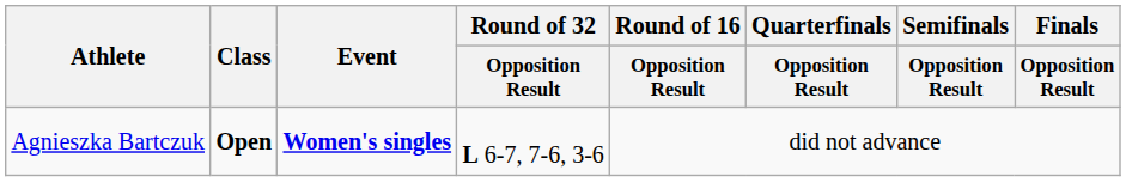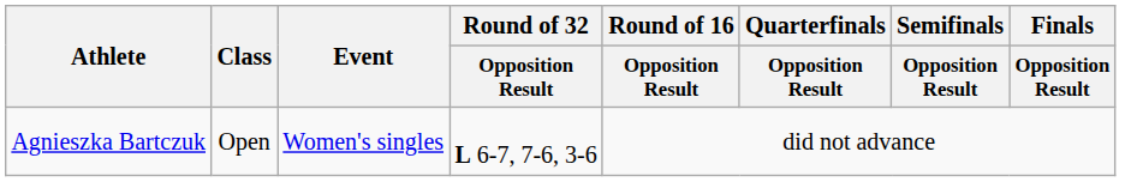 <table class=wikitable style="font-size:90%">
 <tr>
 <th rowspan="2">Athlete</th>
 <th rowspan="2">Class</th>
 <th rowspan="2">Event</th>
 <th>Round of 32</th>
 <th>Round of 16</th>
 <th>Quarterfinals</th>
 <th>Semifinals</th>
 <th>Finals</th>
 </tr>
 <tr>
 <th style="line-height:1em"><small>Opposition<br>Result</small></th>
 <th style="line-height:1em"><small>Opposition<br>Result</small></th>
 <th style="line-height:1em"><small>Opposition<br>Result</small></th>
 <th style="line-height:1em"><small>Opposition<br>Result</small></th>
 <th style="line-height:1em"><small>Opposition<br>Result</small></th>
 </tr>
 <tr>
 <td><a href='#'>Agnieszka Bartczuk</a></td>
-<td style="text-align:center;"><strong>Open</strong></td>
-<td><strong><a href='#'>Women's singles</a></strong></td>
+<td style="text-align:center;">Open</td>
+<td><a href='#'>Women's singles</a></td>
 <td style="text-align:center;"><br><strong>L</strong> 6-7, 7-6, 3-6</td>
 <td style="text-align:center;" colspan="4">did not advance</td>
 </tr>
 </table>
